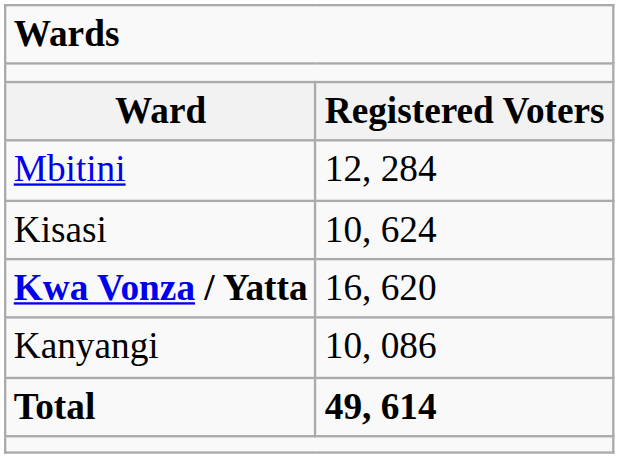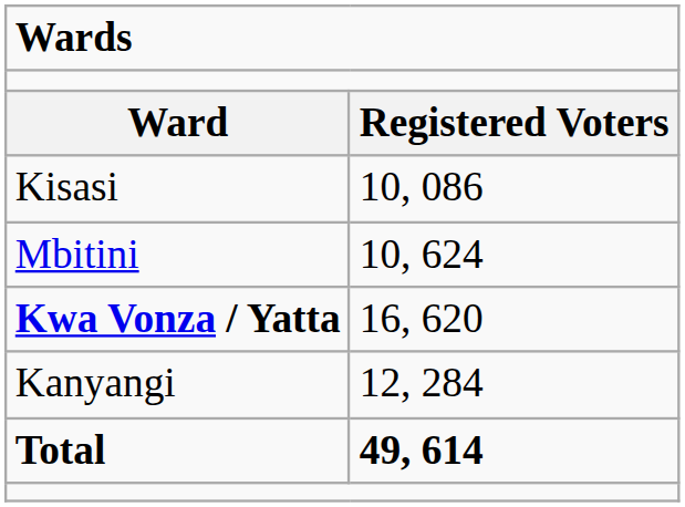 <table class="wikitable">
 <tr>
 <td colspan="2"><strong>Wards</strong></td>
 </tr>
 <tr>
 <td colspan="2"></td>
 </tr>
 <tr>
 <th>Ward</th>
 <th>Registered Voters</th>
 </tr>
 <tr>
-<td><a href='#'>Mbitini</a></td>
-<td>12, 284</td>
+<td>Kisasi</td>
+<td>10, 086</td>
 </tr>
 <tr>
-<td>Kisasi</td>
+<td><a href='#'>Mbitini</a></td>
 <td>10, 624</td>
 </tr>
 <tr>
 <td><strong><a href='#'>Kwa Vonza</a> / Yatta</strong></td>
 <td>16, 620</td>
 </tr>
 <tr>
 <td>Kanyangi</td>
-<td>10, 086</td>
+<td>12, 284</td>
 </tr>
 <tr>
 <td><strong>Total</strong></td>
 <td><strong>49, 614</strong></td>
 </tr>
 <tr>
 <td colspan="2"></td>
 </tr>
 </table>
